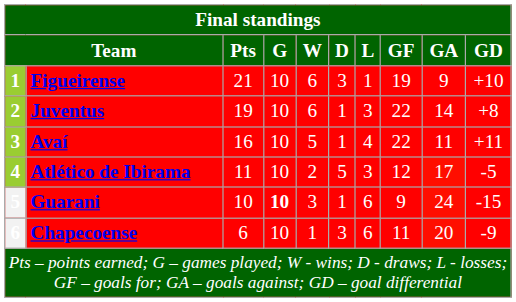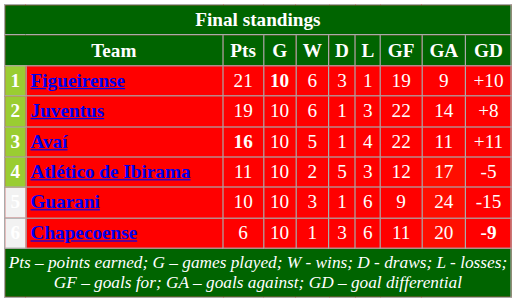 <table class="wikitable" style="text-align:center; color:white; background:#ff0000">
 <tr>
 <th style="background:#006400" colspan="10">Final standings</th>
 </tr>
 <tr>
 <th style="background:#006400" colspan="2">Team</th>
 <th style="background:#006400">Pts</th>
 <th style="background:#006400">G</th>
 <th style="background:#006400">W</th>
 <th style="background:#006400">D</th>
 <th style="background:#006400">L</th>
 <th style="background:#006400">GF</th>
 <th style="background:#006400">GA</th>
 <th style="background:#006400">GD</th>
 </tr>
 <tr>
 <th style="background:#9ACD32">1</th>
 <td align="left"><a href='#'><span><strong>Figueirense</strong></span></a></td>
 <td bgcolor=#ff0000 align="center"><span>21</span></td>
-<td bgcolor=#ff0000 align="center"><span>10</span></td>
+<td bgcolor=#ff0000 align="center"><strong><span>10</span></strong></td>
 <td bgcolor=#ff0000 align="center"><span>6</span></td>
 <td bgcolor=#ff0000 align="center"><span>3</span></td>
 <td bgcolor=#ff0000 align="center"><span>1</span></td>
 <td bgcolor=#ff0000 align="center"><span>19</span></td>
 <td bgcolor=#ff0000 align="center"><span>9</span></td>
 <td bgcolor=#ff0000 align="center"><span>+10</span></td>
 </tr>
 <tr>
 <th style="background:#9ACD32">2</th>
 <td align="left"><a href='#'><span> <strong>Juventus</strong></span></a></td>
 <td bgcolor=#ff0000 align="center"><span>19</span></td>
 <td bgcolor=#ff0000 align="center"><span>10</span></td>
 <td bgcolor=#ff0000 align="center"><span>6</span></td>
 <td bgcolor=#ff0000 align="center"><span>1</span></td>
 <td bgcolor=#ff0000 align="center"><span>3</span></td>
 <td bgcolor=#ff0000 align="center"><span>22</span></td>
 <td bgcolor=#ff0000 align="center"><span>14</span></td>
 <td bgcolor=#ff0000 align="center"><span>+8</span></td>
 </tr>
 <tr>
 <th style="background:#9ACD32">3</th>
 <td align="left"><a href='#'><span><strong>Avaí</strong></span></a></td>
-<td bgcolor=#ff0000 align="center"><span>16</span></td>
+<td bgcolor=#ff0000 align="center"><strong><span>16</span></strong></td>
 <td bgcolor=#ff0000 align="center"><span>10</span></td>
 <td bgcolor=#ff0000 align="center"><span>5</span></td>
 <td bgcolor=#ff0000 align="center"><span>1</span></td>
 <td bgcolor=#ff0000 align="center"><span>4</span></td>
 <td bgcolor=#ff0000 align="center"><span>22</span></td>
 <td bgcolor=#ff0000 align="center"><span>11</span></td>
 <td bgcolor=#ff0000 align="center"><span>+11</span></td>
 </tr>
 <tr>
 <th style="background:#9ACD32">4</th>
 <td align="left"><a href='#'><span> <strong>Atlético de Ibirama</strong></span></a></td>
 <td bgcolor=#ff0000 align="center"><span>11</span></td>
 <td bgcolor=#ff0000 align="center"><span>10</span></td>
 <td bgcolor=#ff0000 align="center"><span>2</span></td>
 <td bgcolor=#ff0000 align="center"><span>5</span></td>
 <td bgcolor=#ff0000 align="center"><span>3</span></td>
 <td bgcolor=#ff0000 align="center"><span>12</span></td>
 <td bgcolor=#ff0E00 align="center"><span>17</span></td>
 <td bgcolor=#ff0000 align="center"><span>-5</span></td>
 </tr>
 <tr>
 <th>5</th>
 <td align="left"><a href='#'><span> <strong>Guarani</strong></span></a></td>
 <td bgcolor=#ff0000 align="center"><span>10</span></td>
-<td bgcolor=#ff0000 align="center"><strong><span>10</span></strong></td>
+<td bgcolor=#ff0000 align="center"><span>10</span></td>
 <td bgcolor=#ff0000 align="center"><span>3</span></td>
 <td bgcolor=#ff0000 align="center"><span>1</span></td>
 <td bgcolor=#ff0000 align="center"><span>6</span></td>
 <td bgcolor=#ff0000 align="center"><span>9</span></td>
 <td bgcolor=#ff0E00 align="center"><span>24</span></td>
 <td bgcolor=#ff0000 align="center"><span>-15</span></td>
 </tr>
 <tr>
 <th>6</th>
 <td align="left"><a href='#'><span><strong>Chapecoense</strong></span></a></td>
 <td bgcolor=#ff0000 align="center"><span>6</span></td>
 <td bgcolor=#ff0000 align="center"><span>10</span></td>
 <td bgcolor=#ff0000 align="center"><span>1</span></td>
 <td bgcolor=#ff0000 align="center"><span>3</span></td>
 <td bgcolor=#ff0000 align="center"><span>6</span></td>
 <td bgcolor=#ff0000 align="center"><span>11</span></td>
 <td bgcolor=#ff0E00 align="center"><span>20</span></td>
-<td bgcolor=#ff0000 align="center"><span>-9</span></td>
+<td bgcolor=#ff0000 align="center"><strong><span>-9</span></strong></td>
 </tr>
 <tr>
 <td colspan="10" style="background:#006400; font-size:90%; font-style:italic">Pts – points earned; G – games played; W - wins; D - draws; L - losses;<br>GF – goals for; GA – goals against; GD – goal differential</td>
 </tr>
 </table>
